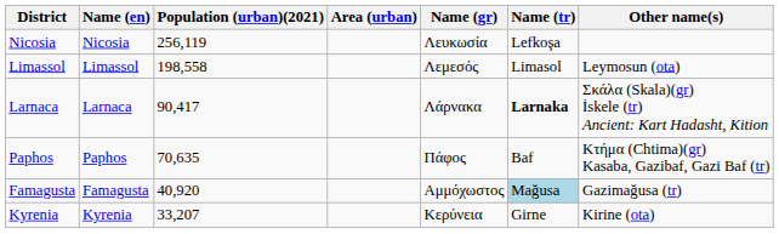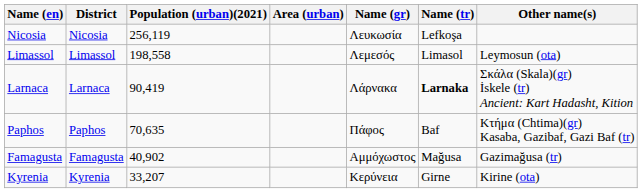 <table class="wikitable sortable">
 <tr>
+<th>Name (<a href='#'>en</a>)</th>
 <th>District</th>
-<th>Name (<a href='#'>en</a>)</th>
 <th>Population (<a href='#'>urban</a>)(2021)</th>
 <th>Area (<a href='#'>urban</a>)</th>
 <th>Name (<a href='#'>gr</a>)</th>
 <th>Name (<a href='#'>tr</a>)</th>
 <th>Other name(s)</th>
 </tr>
 <tr>
 <td><a href='#'>Nicosia</a></td>
 <td><a href='#'>Nicosia</a></td>
 <td>256,119</td>
 <td></td>
 <td>Λευκωσία</td>
 <td>Lefkoşa</td>
 <td></td>
 </tr>
 <tr>
 <td><a href='#'>Limassol</a></td>
 <td><a href='#'>Limassol</a></td>
 <td>198,558</td>
 <td></td>
 <td>Λεμεσός</td>
 <td>Limasol</td>
 <td>Leymosun (<a href='#'>ota</a>)</td>
 </tr>
 <tr>
 <td><a href='#'>Larnaca</a></td>
 <td><a href='#'>Larnaca</a></td>
-<td>90,417</td>
+<td>90,419</td>
 <td></td>
 <td>Λάρνακα</td>
 <td><strong>Larnaka</strong></td>
 <td>Σκάλα (Skala)(<a href='#'>gr</a>)<br>İskele (<a href='#'>tr</a>)<br><em>Ancient: Kart Hadasht, Kition</em></td>
 </tr>
 <tr>
 <td><a href='#'>Paphos</a></td>
 <td><a href='#'>Paphos</a></td>
 <td>70,635</td>
 <td></td>
 <td>Πάφος</td>
 <td>Baf</td>
 <td>Κτήμα (Chtima)(<a href='#'>gr</a>)<br>Kasaba, Gazibaf, Gazi Baf (<a href='#'>tr</a>)</td>
 </tr>
 <tr>
 <td><a href='#'>Famagusta</a></td>
 <td><a href='#'>Famagusta</a></td>
-<td>40,920</td>
+<td>40,902</td>
 <td></td>
 <td>Αμμόχωστος</td>
-<td style="background: lightblue;">Mağusa</td>
+<td>Mağusa</td>
 <td>Gazimağusa (<a href='#'>tr</a>)</td>
 </tr>
 <tr>
 <td><a href='#'>Kyrenia</a></td>
 <td><a href='#'>Kyrenia</a></td>
 <td>33,207</td>
 <td></td>
 <td>Κερύνεια</td>
 <td>Girne</td>
 <td>Kirine (<a href='#'>ota</a>)</td>
 </tr>
 </table>
